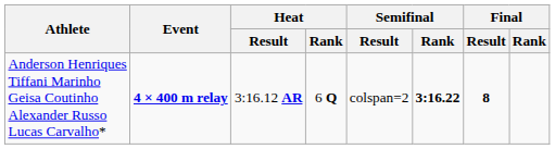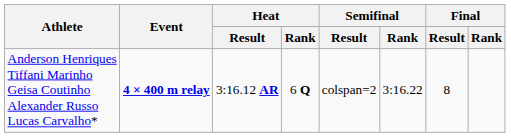 <table class="wikitable"  style=font-size:90%>
 <tr>
 <th rowspan="2">Athlete</th>
 <th rowspan="2">Event</th>
 <th colspan="2">Heat</th>
 <th colspan="2">Semifinal</th>
 <th colspan="2">Final</th>
 </tr>
 <tr>
 <th>Result</th>
 <th>Rank</th>
 <th>Result</th>
 <th>Rank</th>
 <th>Result</th>
 <th>Rank</th>
 </tr>
 <tr style=text-align:center>
 <td style=text-align:left><a href='#'>Anderson Henriques</a><br> <a href='#'>Tiffani Marinho</a><br> <a href='#'>Geisa Coutinho</a><br><a href='#'>Alexander Russo</a> <br><a href='#'>Lucas Carvalho</a>*</td>
 <td style=text-align:left><strong><a href='#'>4 × 400 m relay</a></strong></td>
 <td>3:16.12 <strong><a href='#'>AR</a></strong></td>
 <td>6 <strong>Q</strong></td>
 <td>colspan=2 </td>
-<td><strong>3:16.22</strong></td>
-<td><strong>8</strong></td>
+<td>3:16.22</td>
+<td>8</td>
 </tr>
 </table>
